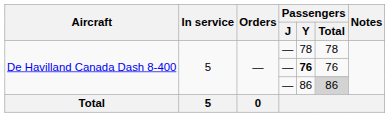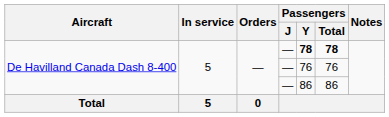 <table class="wikitable" style="margin:0.5em auto; text-align:center">
 <tr>
 <th rowspan=2>Aircraft</th>
 <th rowspan=2>In service</th>
 <th rowspan=2>Orders</th>
 <th colspan=3>Passengers</th>
 <th rowspan=2>Notes</th>
 </tr>
 <tr>
 <th><abbr>J</abbr></th>
 <th><abbr>Y</abbr></th>
 <th>Total</th>
 </tr>
 <tr>
 <td rowspan="3"><a href='#'>De Havilland Canada Dash 8-400</a></td>
 <td rowspan="3">5</td>
 <td rowspan="3">—</td>
 <td>—</td>
-<td>78</td>
-<td>78</td>
+<td><strong>78</strong></td>
+<td><strong>78</strong></td>
 <td rowspan="3"></td>
 </tr>
 <tr>
 <td>—</td>
-<td><strong>76</strong></td>
+<td>76</td>
 <td>76</td>
 </tr>
 <tr>
 <td>—</td>
 <td>86</td>
-<td style="background: lightgrey;">86</td>
+<td>86</td>
 </tr>
 <tr>
 <th>Total</th>
 <th>5</th>
 <th>0</th>
 <th colspan=4></th>
 </tr>
 </table>
